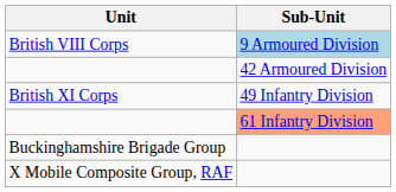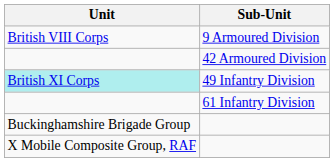 <table class="wikitable">
 <tr>
 <th>Unit</th>
 <th>Sub-Unit</th>
 </tr>
 <tr>
 <td><a href='#'>British VIII Corps</a></td>
-<td style="background: lightblue;"><a href='#'>9 Armoured Division</a></td>
+<td><a href='#'>9 Armoured Division</a></td>
 </tr>
 <tr>
 <td></td>
 <td><a href='#'>42 Armoured Division</a></td>
 </tr>
 <tr>
-<td><a href='#'>British XI Corps</a></td>
+<td style="background: paleturquoise;"><a href='#'>British XI Corps</a></td>
 <td><a href='#'>49 Infantry Division</a></td>
 </tr>
 <tr>
 <td></td>
-<td style="background: lightsalmon;"><a href='#'>61 Infantry Division</a></td>
+<td><a href='#'>61 Infantry Division</a></td>
 </tr>
 <tr>
 <td>Buckinghamshire Brigade Group</td>
 <td></td>
 </tr>
 <tr>
 <td>X Mobile Composite Group, <a href='#'>RAF</a></td>
 <td></td>
 </tr>
 </table>
